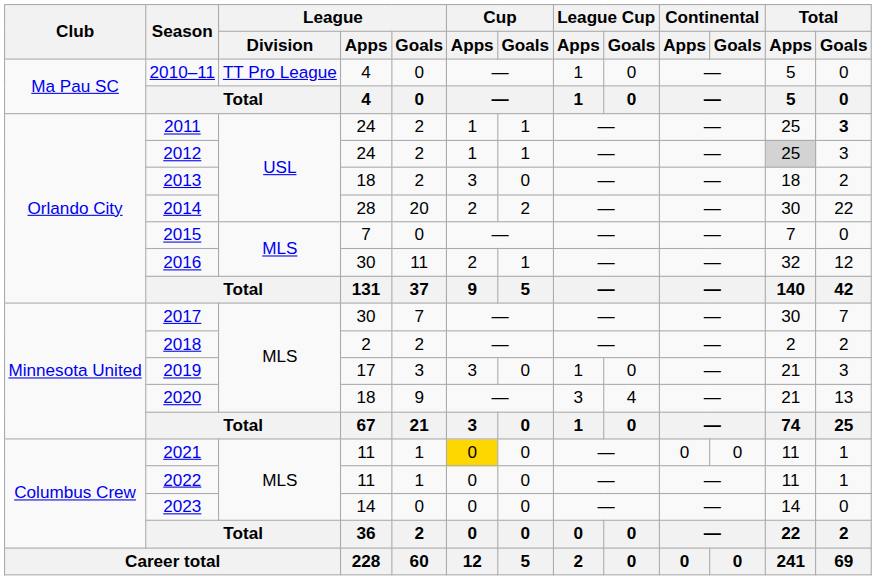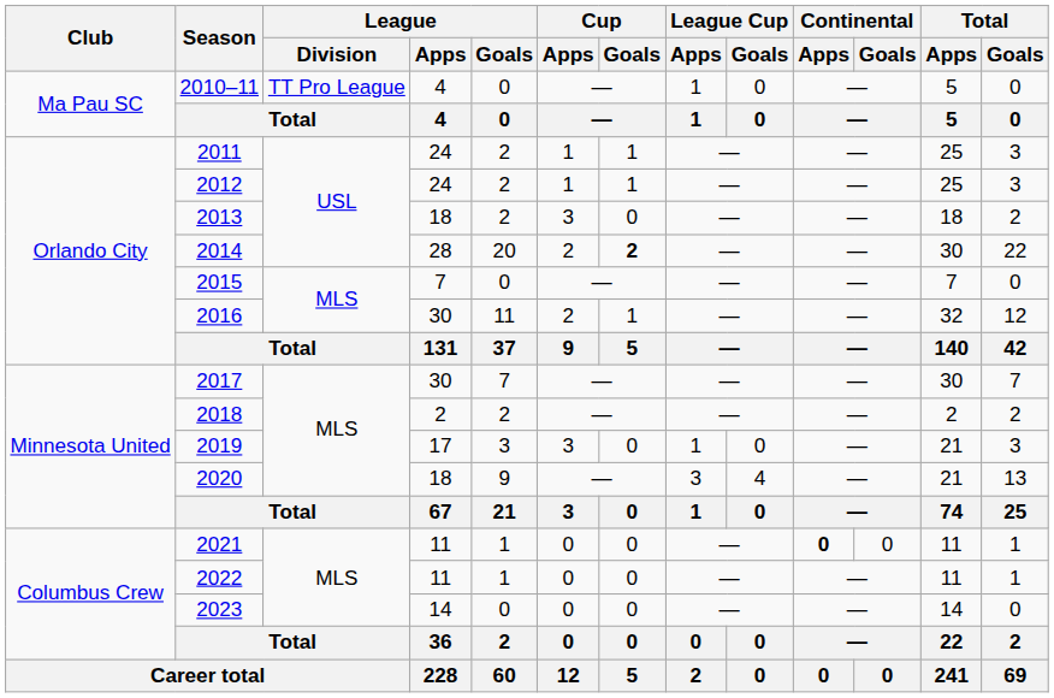 <table class="wikitable" style="text-align: center;">
 <tr>
 <th rowspan="2">Club</th>
 <th rowspan="2">Season</th>
 <th colspan="3">League</th>
 <th colspan="2">Cup</th>
 <th colspan="2">League Cup</th>
 <th colspan="2">Continental</th>
 <th colspan="2">Total</th>
 </tr>
 <tr>
 <th>Division</th>
 <th>Apps</th>
 <th>Goals</th>
 <th>Apps</th>
 <th>Goals</th>
 <th>Apps</th>
 <th>Goals</th>
 <th>Apps</th>
 <th>Goals</th>
 <th>Apps</th>
 <th>Goals</th>
 </tr>
 <tr>
 <td rowspan="2"><a href='#'>Ma Pau SC</a></td>
 <td><a href='#'>2010–11</a></td>
 <td><a href='#'>TT Pro League</a></td>
 <td>4</td>
 <td>0</td>
 <td colspan="2">—</td>
 <td>1</td>
 <td>0</td>
 <td colspan="2">—</td>
 <td>5</td>
 <td>0</td>
 </tr>
 <tr>
 <th colspan="2">Total</th>
 <th>4</th>
 <th>0</th>
 <th colspan="2">—</th>
 <th>1</th>
 <th>0</th>
 <th colspan="2">—</th>
 <th>5</th>
 <th>0</th>
 </tr>
 <tr>
 <td rowspan="7"><a href='#'>Orlando City</a></td>
 <td><a href='#'>2011</a></td>
 <td rowspan="4"><a href='#'>USL</a></td>
 <td>24</td>
 <td>2</td>
 <td>1</td>
 <td>1</td>
 <td colspan="2">—</td>
 <td colspan="2">—</td>
 <td>25</td>
-<td><strong>3</strong></td>
+<td>3</td>
 </tr>
 <tr>
 <td><a href='#'>2012</a></td>
 <td>24</td>
 <td>2</td>
 <td>1</td>
 <td>1</td>
 <td colspan="2">—</td>
 <td colspan="2">—</td>
-<td style="background: lightgrey;">25</td>
+<td>25</td>
 <td>3</td>
 </tr>
 <tr>
 <td><a href='#'>2013</a></td>
 <td>18</td>
 <td>2</td>
 <td>3</td>
 <td>0</td>
 <td colspan="2">—</td>
 <td colspan="2">—</td>
 <td>18</td>
 <td>2</td>
 </tr>
 <tr>
 <td><a href='#'>2014</a></td>
 <td>28</td>
 <td>20</td>
 <td>2</td>
-<td>2</td>
+<td><strong>2</strong></td>
 <td colspan="2">—</td>
 <td colspan="2">—</td>
 <td>30</td>
 <td>22</td>
 </tr>
 <tr>
 <td><a href='#'>2015</a></td>
 <td rowspan="2"><a href='#'>MLS</a></td>
 <td>7</td>
 <td>0</td>
 <td colspan="2">—</td>
 <td colspan="2">—</td>
 <td colspan="2">—</td>
 <td>7</td>
 <td>0</td>
 </tr>
 <tr>
 <td><a href='#'>2016</a></td>
 <td>30</td>
 <td>11</td>
 <td>2</td>
 <td>1</td>
 <td colspan="2">—</td>
 <td colspan="2">—</td>
 <td>32</td>
 <td>12</td>
 </tr>
 <tr>
 <th colspan="2">Total</th>
 <th>131</th>
 <th>37</th>
 <th>9</th>
 <th>5</th>
 <th colspan="2">—</th>
 <th colspan="2">—</th>
 <th>140</th>
 <th>42</th>
 </tr>
 <tr>
 <td rowspan="5"><a href='#'>Minnesota United</a></td>
 <td><a href='#'>2017</a></td>
 <td rowspan="4">MLS</td>
 <td>30</td>
 <td>7</td>
 <td colspan="2">—</td>
 <td colspan="2">—</td>
 <td colspan="2">—</td>
 <td>30</td>
 <td>7</td>
 </tr>
 <tr>
 <td><a href='#'>2018</a></td>
 <td>2</td>
 <td>2</td>
 <td colspan="2">—</td>
 <td colspan="2">—</td>
 <td colspan="2">—</td>
 <td>2</td>
 <td>2</td>
 </tr>
 <tr>
 <td><a href='#'>2019</a></td>
 <td>17</td>
 <td>3</td>
 <td>3</td>
 <td>0</td>
 <td>1</td>
 <td>0</td>
 <td colspan="2">—</td>
 <td>21</td>
 <td>3</td>
 </tr>
 <tr>
 <td><a href='#'>2020</a></td>
 <td>18</td>
 <td>9</td>
 <td colspan="2">—</td>
 <td>3</td>
 <td>4</td>
 <td colspan="2">—</td>
 <td>21</td>
 <td>13</td>
 </tr>
 <tr>
 <th colspan="2">Total</th>
 <th>67</th>
 <th>21</th>
 <th>3</th>
 <th>0</th>
 <th>1</th>
 <th>0</th>
 <th colspan="2">—</th>
 <th>74</th>
 <th>25</th>
 </tr>
 <tr>
 <td rowspan="4"><a href='#'>Columbus Crew</a></td>
 <td><a href='#'>2021</a></td>
 <td rowspan="3">MLS</td>
 <td>11</td>
 <td>1</td>
-<td style="background: gold;">0</td>
+<td>0</td>
 <td>0</td>
 <td colspan="2">—</td>
-<td>0</td>
+<td><strong>0</strong></td>
 <td>0</td>
 <td>11</td>
 <td>1</td>
 </tr>
 <tr>
 <td><a href='#'>2022</a></td>
 <td>11</td>
 <td>1</td>
 <td>0</td>
 <td>0</td>
 <td colspan="2">—</td>
 <td colspan="2">—</td>
 <td>11</td>
 <td>1</td>
 </tr>
 <tr>
 <td><a href='#'>2023</a></td>
 <td>14</td>
 <td>0</td>
 <td>0</td>
 <td>0</td>
 <td colspan="2">—</td>
 <td colspan="2">—</td>
 <td>14</td>
 <td>0</td>
 </tr>
 <tr>
 <th colspan="2">Total</th>
 <th>36</th>
 <th>2</th>
 <th>0</th>
 <th>0</th>
 <th>0</th>
 <th>0</th>
 <th colspan="2">—</th>
 <th>22</th>
 <th>2</th>
 </tr>
 <tr>
 <th colspan="3">Career total</th>
 <th>228</th>
 <th>60</th>
 <th>12</th>
 <th>5</th>
 <th>2</th>
 <th>0</th>
 <th>0</th>
 <th>0</th>
 <th>241</th>
 <th>69</th>
 </tr>
 </table>
